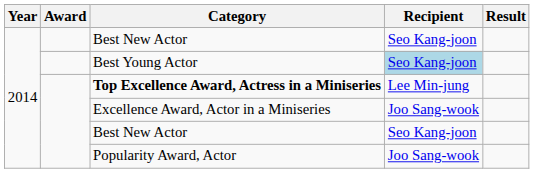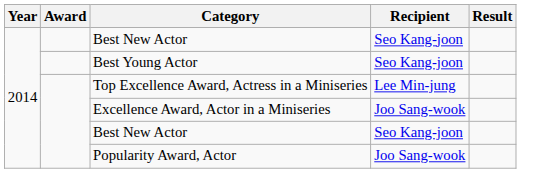 <table class="wikitable">
 <tr>
 <th>Year</th>
 <th>Award</th>
 <th>Category</th>
 <th>Recipient</th>
 <th>Result</th>
 </tr>
 <tr>
 <td rowspan=6>2014</td>
 <td></td>
 <td>Best New Actor</td>
 <td><a href='#'>Seo Kang-joon</a></td>
 <td></td>
 </tr>
 <tr>
 <td></td>
 <td>Best Young Actor</td>
-<td style="background: lightblue;"><a href='#'>Seo Kang-joon</a></td>
+<td><a href='#'>Seo Kang-joon</a></td>
 <td></td>
 </tr>
 <tr>
 <td rowspan=4></td>
-<td><strong>Top Excellence Award, Actress in a Miniseries</strong></td>
+<td>Top Excellence Award, Actress in a Miniseries</td>
 <td><a href='#'>Lee Min-jung</a></td>
 <td></td>
 </tr>
 <tr>
 <td>Excellence Award, Actor in a Miniseries</td>
 <td><a href='#'>Joo Sang-wook</a></td>
 <td></td>
 </tr>
 <tr>
 <td>Best New Actor</td>
 <td><a href='#'>Seo Kang-joon</a></td>
 <td></td>
 </tr>
 <tr>
 <td>Popularity Award, Actor</td>
 <td><a href='#'>Joo Sang-wook</a></td>
 <td></td>
 </tr>
 </table>
